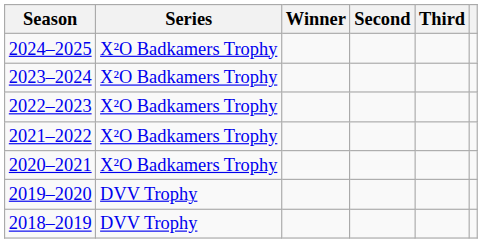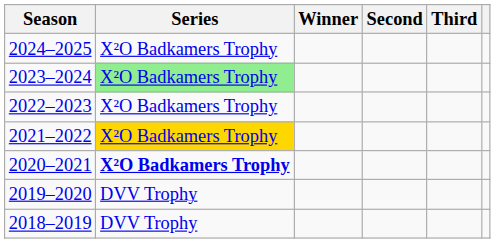 <table class="wikitable">
 <tr>
 <th>Season</th>
 <th>Series</th>
 <th>Winner</th>
 <th>Second</th>
 <th>Third</th>
 <th></th>
 </tr>
 <tr>
 <td><a href='#'>2024–2025</a></td>
 <td><a href='#'>X²O Badkamers Trophy</a></td>
 <td></td>
 <td></td>
 <td></td>
 </tr>
 <tr>
 <td><a href='#'>2023–2024</a></td>
-<td><a href='#'>X²O Badkamers Trophy</a></td>
+<td style="background: lightgreen;"><a href='#'>X²O Badkamers Trophy</a></td>
 <td></td>
 <td></td>
 <td></td>
 <td></td>
 </tr>
 <tr>
 <td><a href='#'>2022–2023</a></td>
 <td><a href='#'>X²O Badkamers Trophy</a></td>
 <td></td>
 <td></td>
 <td></td>
 <td></td>
 </tr>
 <tr>
 <td><a href='#'>2021–2022</a></td>
-<td><a href='#'>X²O Badkamers Trophy</a></td>
+<td style="background: gold;"><a href='#'>X²O Badkamers Trophy</a></td>
 <td></td>
 <td></td>
 <td></td>
 <td></td>
 </tr>
 <tr>
 <td><a href='#'>2020–2021</a></td>
-<td><a href='#'>X²O Badkamers Trophy</a></td>
+<td><strong><a href='#'>X²O Badkamers Trophy</a></strong></td>
 <td></td>
 <td></td>
 <td></td>
 <td></td>
 </tr>
 <tr>
 <td><a href='#'>2019–2020</a></td>
 <td><a href='#'>DVV Trophy</a></td>
 <td></td>
 <td></td>
 <td></td>
 <td></td>
 </tr>
 <tr>
 <td><a href='#'>2018–2019</a></td>
 <td><a href='#'>DVV Trophy</a></td>
 <td></td>
 <td></td>
 <td></td>
 <td></td>
 </tr>
 </table>
